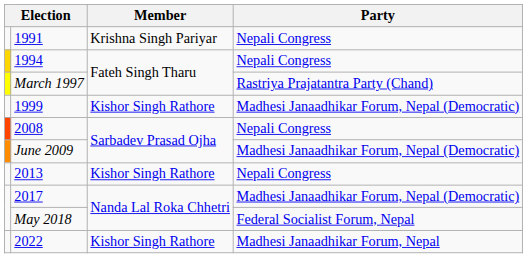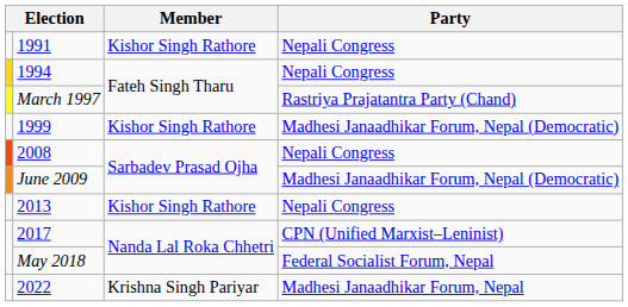 <table class="wikitable">
 <tr>
 <th colspan="2">Election</th>
 <th>Member</th>
 <th>Party</th>
 </tr>
 <tr>
 <td style="background-color:"></td>
 <td><a href='#'>1991</a></td>
-<td>Krishna Singh Pariyar</td>
+<td><a href='#'>Kishor Singh Rathore</a></td>
 <td><a href='#'>Nepali Congress</a></td>
 </tr>
 <tr>
 <td style="background-color:gold"></td>
 <td><a href='#'>1994</a></td>
 <td rowspan="2">Fateh Singh Tharu</td>
 <td><a href='#'>Nepali Congress</a></td>
 </tr>
 <tr>
 <td style="background-color:yellow"></td>
 <td><em>March 1997</em></td>
 <td><a href='#'>Rastriya Prajatantra Party (Chand)</a></td>
 </tr>
 <tr>
 <td style="background-color:"></td>
 <td><a href='#'>1999</a></td>
 <td><a href='#'>Kishor Singh Rathore</a></td>
 <td><a href='#'>Madhesi Janaadhikar Forum, Nepal (Democratic)</a></td>
 </tr>
 <tr>
 <td style="background-color:orangered"></td>
 <td><a href='#'>2008</a></td>
 <td rowspan="2"><a href='#'>Sarbadev Prasad Ojha</a></td>
 <td><a href='#'>Nepali Congress</a></td>
 </tr>
 <tr>
 <td style="background-color:darkorange"></td>
 <td><em>June 2009</em></td>
 <td><a href='#'>Madhesi Janaadhikar Forum, Nepal (Democratic)</a></td>
 </tr>
 <tr>
 <td style="background-color:"></td>
 <td><a href='#'>2013</a></td>
 <td><a href='#'>Kishor Singh Rathore</a></td>
 <td><a href='#'>Nepali Congress</a></td>
 </tr>
 <tr>
 <td rowspan="2" style="background-color:"></td>
 <td><a href='#'>2017</a></td>
 <td rowspan="2"><a href='#'>Nanda Lal Roka Chhetri</a></td>
-<td><a href='#'>Madhesi Janaadhikar Forum, Nepal (Democratic)</a></td>
+<td><a href='#'>CPN (Unified Marxist–Leninist)</a></td>
 </tr>
 <tr>
 <td><em>May 2018</em></td>
 <td><a href='#'>Federal Socialist Forum, Nepal</a></td>
 </tr>
 <tr>
 <td style="background-color:"></td>
 <td><a href='#'>2022</a></td>
-<td><a href='#'>Kishor Singh Rathore</a></td>
+<td>Krishna Singh Pariyar</td>
 <td><a href='#'>Madhesi Janaadhikar Forum, Nepal</a></td>
 </tr>
 </table>
